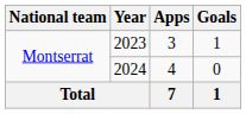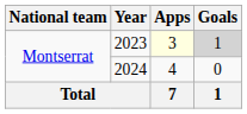 <table class="wikitable" style="text-align: center;">
 <tr>
 <th>National team</th>
 <th>Year</th>
 <th>Apps</th>
 <th>Goals</th>
 </tr>
 <tr>
 <td rowspan="2"><a href='#'>Montserrat</a></td>
 <td>2023</td>
-<td>3</td>
-<td>1</td>
+<td style="background: lightyellow;">3</td>
+<td style="background: lightgrey;">1</td>
 </tr>
 <tr>
 <td>2024</td>
 <td>4</td>
 <td>0</td>
 </tr>
 <tr>
 <th colspan=2>Total</th>
 <th>7</th>
 <th>1</th>
 </tr>
 </table>
